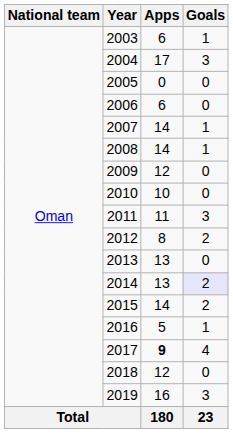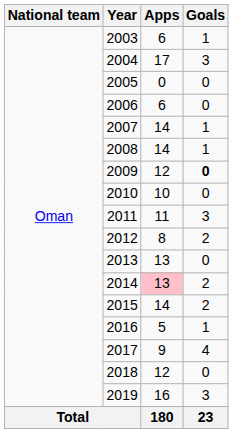 <table class="wikitable" style="text-align:center">
 <tr>
 <th>National team</th>
 <th>Year</th>
 <th>Apps</th>
 <th>Goals</th>
 </tr>
 <tr>
 <td rowspan="17"><a href='#'>Oman</a></td>
 <td>2003</td>
 <td>6</td>
 <td>1</td>
 </tr>
 <tr>
 <td>2004</td>
 <td>17</td>
 <td>3</td>
 </tr>
 <tr>
 <td>2005</td>
 <td>0</td>
 <td>0</td>
 </tr>
 <tr>
 <td>2006</td>
 <td>6</td>
 <td>0</td>
 </tr>
 <tr>
 <td>2007</td>
 <td>14</td>
 <td>1</td>
 </tr>
 <tr>
 <td>2008</td>
 <td>14</td>
 <td>1</td>
 </tr>
 <tr>
 <td>2009</td>
 <td>12</td>
-<td>0</td>
+<td><strong>0</strong></td>
 </tr>
 <tr>
 <td>2010</td>
 <td>10</td>
 <td>0</td>
 </tr>
 <tr>
 <td>2011</td>
 <td>11</td>
 <td>3</td>
 </tr>
 <tr>
 <td>2012</td>
 <td>8</td>
 <td>2</td>
 </tr>
 <tr>
 <td>2013</td>
 <td>13</td>
 <td>0</td>
 </tr>
 <tr>
 <td>2014</td>
-<td>13</td>
-<td style="background: lavender;">2</td>
+<td style="background: pink;">13</td>
+<td>2</td>
 </tr>
 <tr>
 <td>2015</td>
 <td>14</td>
 <td>2</td>
 </tr>
 <tr>
 <td>2016</td>
 <td>5</td>
 <td>1</td>
 </tr>
 <tr>
 <td>2017</td>
-<td><strong>9</strong></td>
+<td>9</td>
 <td>4</td>
 </tr>
 <tr>
 <td>2018</td>
 <td>12</td>
 <td>0</td>
 </tr>
 <tr>
 <td>2019</td>
 <td>16</td>
 <td>3</td>
 </tr>
 <tr>
 <th colspan="2">Total</th>
 <th>180</th>
 <th>23</th>
 </tr>
 </table>
